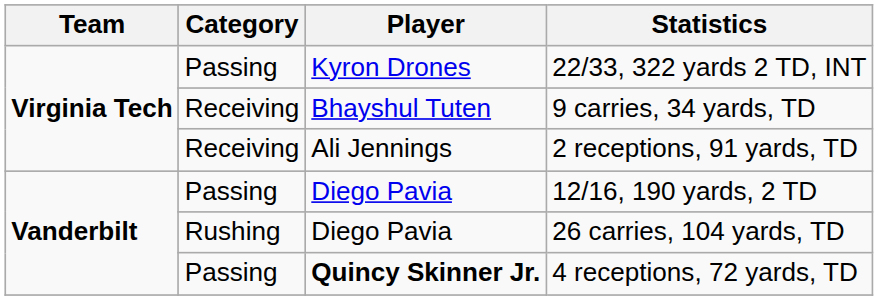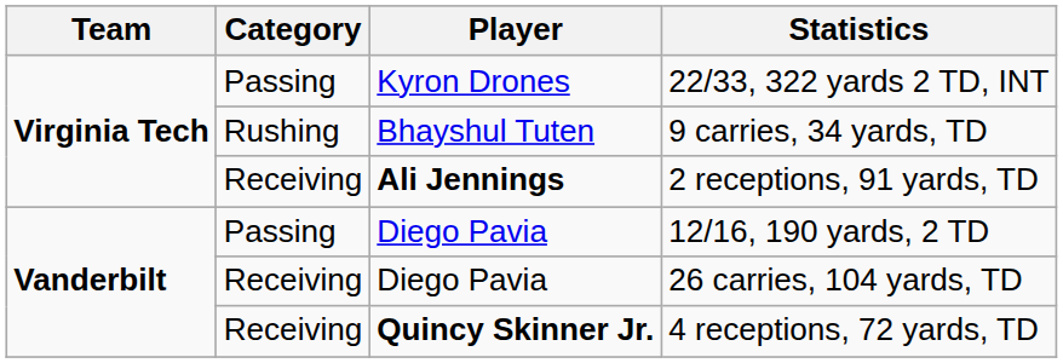 <table class="wikitable" style="float: right;">
 <tr>
 <th>Team</th>
 <th>Category</th>
 <th>Player</th>
 <th>Statistics</th>
 </tr>
 <tr>
 <td rowspan=3><strong>Virginia Tech</strong></td>
 <td>Passing</td>
 <td><a href='#'>Kyron Drones</a></td>
 <td>22/33, 322 yards 2 TD, INT</td>
 </tr>
 <tr>
-<td>Receiving</td>
+<td>Rushing</td>
 <td><a href='#'>Bhayshul Tuten</a></td>
 <td>9 carries, 34 yards, TD</td>
 </tr>
 <tr>
 <td>Receiving</td>
-<td>Ali Jennings</td>
+<td><strong>Ali Jennings</strong></td>
 <td>2 receptions, 91 yards, TD</td>
 </tr>
 <tr>
 <td rowspan=3><strong>Vanderbilt</strong></td>
 <td>Passing</td>
 <td><a href='#'>Diego Pavia</a></td>
 <td>12/16, 190 yards, 2 TD</td>
 </tr>
 <tr>
-<td>Rushing</td>
+<td>Receiving</td>
 <td>Diego Pavia</td>
 <td>26 carries, 104 yards, TD</td>
 </tr>
 <tr>
-<td>Passing</td>
+<td>Receiving</td>
 <td><strong>Quincy Skinner Jr.</strong></td>
 <td>4 receptions, 72 yards, TD</td>
 </tr>
 </table>
